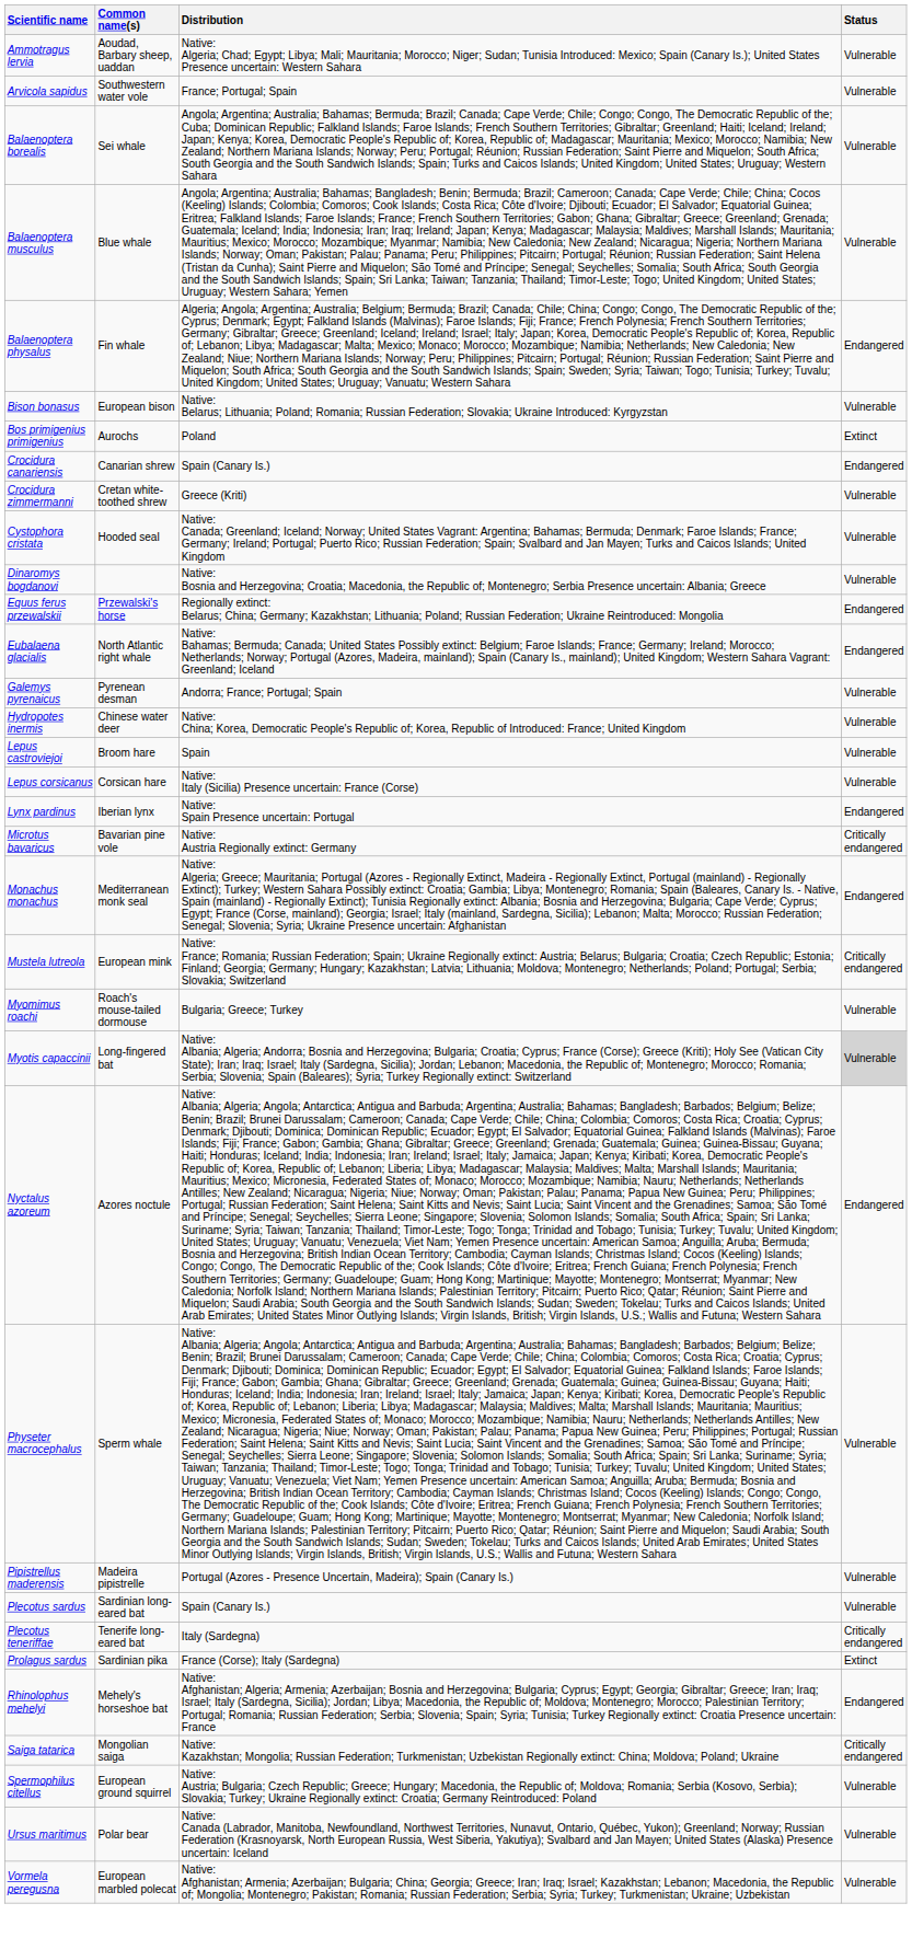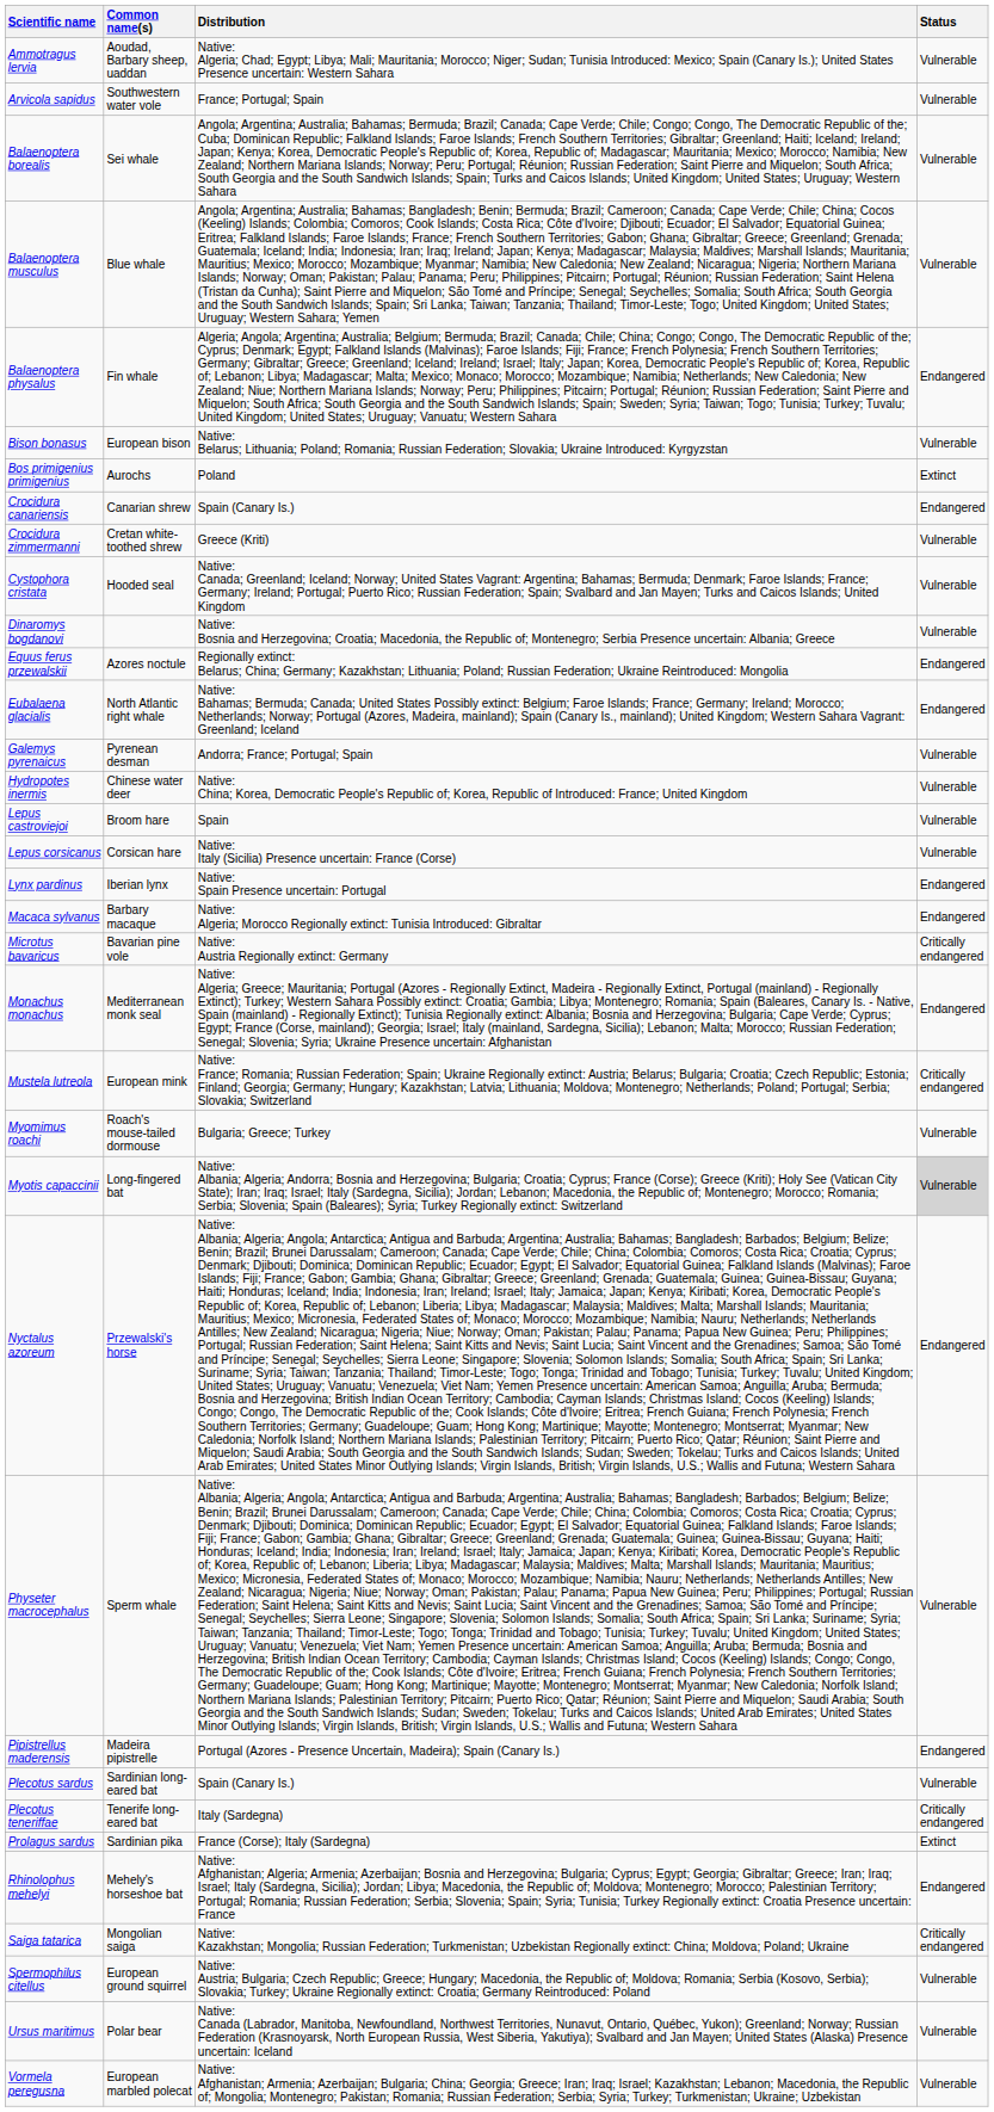 <table class="wikitable sortable" style="font-size: 95%; text-align: left">
 <tr>
 <th style="text-align: left;" width="120"><a href='#'>Scientific name</a></th>
 <th style="text-align: left;" width="110"><a href='#'>Common name</a>(s)</th>
 <th style="text-align: left;" width="1000">Distribution</th>
 <th style="text-align: left;" width="25">Status</th>
 </tr>
 <tr>
 <td><em><a href='#'>Ammotragus lervia</a></em></td>
 <td>Aoudad, Barbary sheep, uaddan</td>
 <td>Native:<br>Algeria; Chad; Egypt; Libya; Mali; Mauritania; Morocco; Niger; Sudan; Tunisia Introduced: Mexico; Spain (Canary Is.); United States Presence uncertain: Western Sahara</td>
 <td>Vulnerable</td>
 </tr>
 <tr>
 <td><em><a href='#'>Arvicola sapidus</a></em></td>
 <td>Southwestern water vole</td>
 <td>France; Portugal; Spain</td>
 <td>Vulnerable</td>
 </tr>
 <tr>
 <td><em><a href='#'>Balaenoptera borealis</a></em></td>
 <td>Sei whale</td>
 <td>Angola; Argentina; Australia; Bahamas; Bermuda; Brazil; Canada; Cape Verde; Chile; Congo; Congo, The Democratic Republic of the; Cuba; Dominican Republic; Falkland Islands; Faroe Islands; French Southern Territories; Gibraltar; Greenland; Haiti; Iceland; Ireland; Japan; Kenya; Korea, Democratic People's Republic of; Korea, Republic of; Madagascar; Mauritania; Mexico; Morocco; Namibia; New Zealand; Northern Mariana Islands; Norway; Peru; Portugal; Réunion; Russian Federation; Saint Pierre and Miquelon; South Africa; South Georgia and the South Sandwich Islands; Spain; Turks and Caicos Islands; United Kingdom; United States; Uruguay; Western Sahara</td>
 <td>Vulnerable</td>
 </tr>
 <tr>
 <td><em><a href='#'>Balaenoptera musculus</a></em></td>
 <td>Blue whale</td>
 <td>Angola; Argentina; Australia; Bahamas; Bangladesh; Benin; Bermuda; Brazil; Cameroon; Canada; Cape Verde; Chile; China; Cocos (Keeling) Islands; Colombia; Comoros; Cook Islands; Costa Rica; Côte d'Ivoire; Djibouti; Ecuador; El Salvador; Equatorial Guinea; Eritrea; Falkland Islands; Faroe Islands; France; French Southern Territories; Gabon; Ghana; Gibraltar; Greece; Greenland; Grenada; Guatemala; Iceland; India; Indonesia; Iran; Iraq; Ireland; Japan; Kenya; Madagascar; Malaysia; Maldives; Marshall Islands; Mauritania; Mauritius; Mexico; Morocco; Mozambique; Myanmar; Namibia; New Caledonia; New Zealand; Nicaragua; Nigeria; Northern Mariana Islands; Norway; Oman; Pakistan; Palau; Panama; Peru; Philippines; Pitcairn; Portugal; Réunion; Russian Federation; Saint Helena (Tristan da Cunha); Saint Pierre and Miquelon; São Tomé and Príncipe; Senegal; Seychelles; Somalia; South Africa; South Georgia and the South Sandwich Islands; Spain; Sri Lanka; Taiwan; Tanzania; Thailand; Timor-Leste; Togo; United Kingdom; United States; Uruguay; Western Sahara; Yemen</td>
 <td>Vulnerable</td>
 </tr>
 <tr>
 <td><em><a href='#'>Balaenoptera physalus</a></em></td>
 <td>Fin whale</td>
 <td>Algeria; Angola; Argentina; Australia; Belgium; Bermuda; Brazil; Canada; Chile; China; Congo; Congo, The Democratic Republic of the; Cyprus; Denmark; Egypt; Falkland Islands (Malvinas); Faroe Islands; Fiji; France; French Polynesia; French Southern Territories; Germany; Gibraltar; Greece; Greenland; Iceland; Ireland; Israel; Italy; Japan; Korea, Democratic People's Republic of; Korea, Republic of; Lebanon; Libya; Madagascar; Malta; Mexico; Monaco; Morocco; Mozambique; Namibia; Netherlands; New Caledonia; New Zealand; Niue; Northern Mariana Islands; Norway; Peru; Philippines; Pitcairn; Portugal; Réunion; Russian Federation; Saint Pierre and Miquelon; South Africa; South Georgia and the South Sandwich Islands; Spain; Sweden; Syria; Taiwan; Togo; Tunisia; Turkey; Tuvalu; United Kingdom; United States; Uruguay; Vanuatu; Western Sahara</td>
 <td>Endangered</td>
 </tr>
 <tr>
 <td><em><a href='#'>Bison bonasus</a></em></td>
 <td>European bison</td>
 <td>Native:<br>Belarus; Lithuania; Poland; Romania; Russian Federation; Slovakia; Ukraine Introduced: Kyrgyzstan</td>
 <td>Vulnerable</td>
 </tr>
 <tr>
 <td><em><a href='#'>Bos primigenius primigenius</a></em></td>
 <td>Aurochs</td>
 <td>Poland</td>
 <td>Extinct</td>
 </tr>
 <tr>
 <td><em><a href='#'>Crocidura canariensis</a></em></td>
 <td>Canarian shrew</td>
 <td>Spain (Canary Is.)</td>
 <td>Endangered</td>
 </tr>
 <tr>
 <td><em><a href='#'>Crocidura zimmermanni</a></em></td>
 <td>Cretan white-toothed shrew</td>
 <td>Greece (Kriti)</td>
 <td>Vulnerable</td>
 </tr>
 <tr>
 <td><em><a href='#'>Cystophora cristata</a></em></td>
 <td>Hooded seal</td>
 <td>Native:<br>Canada; Greenland; Iceland; Norway; United States Vagrant: Argentina; Bahamas; Bermuda; Denmark; Faroe Islands; France; Germany; Ireland; Portugal; Puerto Rico; Russian Federation; Spain; Svalbard and Jan Mayen; Turks and Caicos Islands; United Kingdom</td>
 <td>Vulnerable</td>
 </tr>
 <tr>
 <td><em><a href='#'>Dinaromys bogdanovi</a></em></td>
 <td></td>
 <td>Native:<br>Bosnia and Herzegovina; Croatia; Macedonia, the Republic of; Montenegro; Serbia Presence uncertain: Albania; Greece</td>
 <td>Vulnerable</td>
 </tr>
 <tr>
 <td><em><a href='#'>Equus ferus przewalskii</a></em></td>
-<td><a href='#'>Przewalski's horse</a></td>
+<td>Azores noctule</td>
 <td>Regionally extinct:<br>Belarus; China; Germany; Kazakhstan; Lithuania; Poland; Russian Federation; Ukraine Reintroduced: Mongolia</td>
 <td>Endangered</td>
 </tr>
 <tr>
 <td><em><a href='#'>Eubalaena glacialis</a></em></td>
 <td>North Atlantic right whale</td>
 <td>Native:<br>Bahamas; Bermuda; Canada; United States Possibly extinct: Belgium; Faroe Islands; France; Germany; Ireland; Morocco; Netherlands; Norway; Portugal (Azores, Madeira, mainland); Spain (Canary Is., mainland); United Kingdom; Western Sahara Vagrant: Greenland; Iceland</td>
 <td>Endangered</td>
 </tr>
 <tr>
 <td><em><a href='#'>Galemys pyrenaicus</a></em></td>
 <td>Pyrenean desman</td>
 <td>Andorra; France; Portugal; Spain</td>
 <td>Vulnerable</td>
 </tr>
 <tr>
 <td><em><a href='#'>Hydropotes inermis</a></em></td>
 <td>Chinese water deer</td>
 <td>Native:<br>China; Korea, Democratic People's Republic of; Korea, Republic of Introduced: France; United Kingdom</td>
 <td>Vulnerable</td>
 </tr>
 <tr>
 <td><em><a href='#'>Lepus castroviejoi</a></em></td>
 <td>Broom hare</td>
 <td>Spain</td>
 <td>Vulnerable</td>
 </tr>
 <tr>
 <td><em><a href='#'>Lepus corsicanus</a></em></td>
 <td>Corsican hare</td>
 <td>Native:<br>Italy (Sicilia) Presence uncertain: France (Corse)</td>
 <td>Vulnerable</td>
 </tr>
 <tr>
 <td><em><a href='#'>Lynx pardinus</a></em></td>
 <td>Iberian lynx</td>
 <td>Native:<br>Spain Presence uncertain: Portugal</td>
 <td>Endangered</td>
 </tr>
 <tr>
+<td><em><a href='#'>Macaca sylvanus</a></em></td>
+<td>Barbary macaque</td>
+<td>Native:<br>Algeria; Morocco Regionally extinct: Tunisia Introduced: Gibraltar</td>
+<td>Endangered</td>
+</tr>
+<tr>
 <td><em><a href='#'>Microtus bavaricus</a></em></td>
 <td>Bavarian pine vole</td>
 <td>Native:<br>Austria Regionally extinct: Germany</td>
 <td>Critically endangered</td>
 </tr>
 <tr>
 <td><em><a href='#'>Monachus monachus</a></em></td>
 <td>Mediterranean monk seal</td>
 <td>Native:<br>Algeria; Greece; Mauritania; Portugal (Azores - Regionally Extinct, Madeira - Regionally Extinct, Portugal (mainland) - Regionally Extinct); Turkey; Western Sahara Possibly extinct: Croatia; Gambia; Libya; Montenegro; Romania; Spain (Baleares, Canary Is. - Native, Spain (mainland) - Regionally Extinct); Tunisia Regionally extinct: Albania; Bosnia and Herzegovina; Bulgaria; Cape Verde; Cyprus; Egypt; France (Corse, mainland); Georgia; Israel; Italy (mainland, Sardegna, Sicilia); Lebanon; Malta; Morocco; Russian Federation; Senegal; Slovenia; Syria; Ukraine Presence uncertain: Afghanistan</td>
 <td>Endangered</td>
 </tr>
 <tr>
 <td><em><a href='#'>Mustela lutreola</a></em></td>
 <td>European mink</td>
 <td>Native:<br>France; Romania; Russian Federation; Spain; Ukraine Regionally extinct: Austria; Belarus; Bulgaria; Croatia; Czech Republic; Estonia; Finland; Georgia; Germany; Hungary; Kazakhstan; Latvia; Lithuania; Moldova; Montenegro; Netherlands; Poland; Portugal; Serbia; Slovakia; Switzerland</td>
 <td>Critically endangered</td>
 </tr>
 <tr>
 <td><em><a href='#'>Myomimus roachi</a></em></td>
 <td>Roach's mouse-tailed dormouse</td>
 <td>Bulgaria; Greece; Turkey</td>
 <td>Vulnerable</td>
 </tr>
 <tr>
 <td><em><a href='#'>Myotis capaccinii</a></em></td>
 <td>Long-fingered bat</td>
 <td>Native:<br>Albania; Algeria; Andorra; Bosnia and Herzegovina; Bulgaria; Croatia; Cyprus; France (Corse); Greece (Kriti); Holy See (Vatican City State); Iran; Iraq; Israel; Italy (Sardegna, Sicilia); Jordan; Lebanon; Macedonia, the Republic of; Montenegro; Morocco; Romania; Serbia; Slovenia; Spain (Baleares); Syria; Turkey Regionally extinct: Switzerland</td>
 <td style="background: lightgrey;">Vulnerable</td>
 </tr>
 <tr>
 <td><em><a href='#'>Nyctalus azoreum</a></em></td>
-<td>Azores noctule</td>
+<td><a href='#'>Przewalski's horse</a></td>
 <td>Native:<br>Albania; Algeria; Angola; Antarctica; Antigua and Barbuda; Argentina; Australia; Bahamas; Bangladesh; Barbados; Belgium; Belize; Benin; Brazil; Brunei Darussalam; Cameroon; Canada; Cape Verde; Chile; China; Colombia; Comoros; Costa Rica; Croatia; Cyprus; Denmark; Djibouti; Dominica; Dominican Republic; Ecuador; Egypt; El Salvador; Equatorial Guinea; Falkland Islands (Malvinas); Faroe Islands; Fiji; France; Gabon; Gambia; Ghana; Gibraltar; Greece; Greenland; Grenada; Guatemala; Guinea; Guinea-Bissau; Guyana; Haiti; Honduras; Iceland; India; Indonesia; Iran; Ireland; Israel; Italy; Jamaica; Japan; Kenya; Kiribati; Korea, Democratic People's Republic of; Korea, Republic of; Lebanon; Liberia; Libya; Madagascar; Malaysia; Maldives; Malta; Marshall Islands; Mauritania; Mauritius; Mexico; Micronesia, Federated States of; Monaco; Morocco; Mozambique; Namibia; Nauru; Netherlands; Netherlands Antilles; New Zealand; Nicaragua; Nigeria; Niue; Norway; Oman; Pakistan; Palau; Panama; Papua New Guinea; Peru; Philippines; Portugal; Russian Federation; Saint Helena; Saint Kitts and Nevis; Saint Lucia; Saint Vincent and the Grenadines; Samoa; São Tomé and Príncipe; Senegal; Seychelles; Sierra Leone; Singapore; Slovenia; Solomon Islands; Somalia; South Africa; Spain; Sri Lanka; Suriname; Syria; Taiwan; Tanzania; Thailand; Timor-Leste; Togo; Tonga; Trinidad and Tobago; Tunisia; Turkey; Tuvalu; United Kingdom; United States; Uruguay; Vanuatu; Venezuela; Viet Nam; Yemen Presence uncertain: American Samoa; Anguilla; Aruba; Bermuda; Bosnia and Herzegovina; British Indian Ocean Territory; Cambodia; Cayman Islands; Christmas Island; Cocos (Keeling) Islands; Congo; Congo, The Democratic Republic of the; Cook Islands; Côte d'Ivoire; Eritrea; French Guiana; French Polynesia; French Southern Territories; Germany; Guadeloupe; Guam; Hong Kong; Martinique; Mayotte; Montenegro; Montserrat; Myanmar; New Caledonia; Norfolk Island; Northern Mariana Islands; Palestinian Territory; Pitcairn; Puerto Rico; Qatar; Réunion; Saint Pierre and Miquelon; Saudi Arabia; South Georgia and the South Sandwich Islands; Sudan; Sweden; Tokelau; Turks and Caicos Islands; United Arab Emirates; United States Minor Outlying Islands; Virgin Islands, British; Virgin Islands, U.S.; Wallis and Futuna; Western Sahara</td>
 <td>Endangered</td>
 </tr>
 <tr>
 <td><em><a href='#'>Physeter macrocephalus</a></em></td>
 <td>Sperm whale</td>
 <td>Native:<br>Albania; Algeria; Angola; Antarctica; Antigua and Barbuda; Argentina; Australia; Bahamas; Bangladesh; Barbados; Belgium; Belize; Benin; Brazil; Brunei Darussalam; Cameroon; Canada; Cape Verde; Chile; China; Colombia; Comoros; Costa Rica; Croatia; Cyprus; Denmark; Djibouti; Dominica; Dominican Republic; Ecuador; Egypt; El Salvador; Equatorial Guinea; Falkland Islands; Faroe Islands; Fiji; France; Gabon; Gambia; Ghana; Gibraltar; Greece; Greenland; Grenada; Guatemala; Guinea; Guinea-Bissau; Guyana; Haiti; Honduras; Iceland; India; Indonesia; Iran; Ireland; Israel; Italy; Jamaica; Japan; Kenya; Kiribati; Korea, Democratic People's Republic of; Korea, Republic of; Lebanon; Liberia; Libya; Madagascar; Malaysia; Maldives; Malta; Marshall Islands; Mauritania; Mauritius; Mexico; Micronesia, Federated States of; Monaco; Morocco; Mozambique; Namibia; Nauru; Netherlands; Netherlands Antilles; New Zealand; Nicaragua; Nigeria; Niue; Norway; Oman; Pakistan; Palau; Panama; Papua New Guinea; Peru; Philippines; Portugal; Russian Federation; Saint Helena; Saint Kitts and Nevis; Saint Lucia; Saint Vincent and the Grenadines; Samoa; São Tomé and Príncipe; Senegal; Seychelles; Sierra Leone; Singapore; Slovenia; Solomon Islands; Somalia; South Africa; Spain; Sri Lanka; Suriname; Syria; Taiwan; Tanzania; Thailand; Timor-Leste; Togo; Tonga; Trinidad and Tobago; Tunisia; Turkey; Tuvalu; United Kingdom; United States; Uruguay; Vanuatu; Venezuela; Viet Nam; Yemen Presence uncertain: American Samoa; Anguilla; Aruba; Bermuda; Bosnia and Herzegovina; British Indian Ocean Territory; Cambodia; Cayman Islands; Christmas Island; Cocos (Keeling) Islands; Congo; Congo, The Democratic Republic of the; Cook Islands; Côte d'Ivoire; Eritrea; French Guiana; French Polynesia; French Southern Territories; Germany; Guadeloupe; Guam; Hong Kong; Martinique; Mayotte; Montenegro; Montserrat; Myanmar; New Caledonia; Norfolk Island; Northern Mariana Islands; Palestinian Territory; Pitcairn; Puerto Rico; Qatar; Réunion; Saint Pierre and Miquelon; Saudi Arabia; South Georgia and the South Sandwich Islands; Sudan; Sweden; Tokelau; Turks and Caicos Islands; United Arab Emirates; United States Minor Outlying Islands; Virgin Islands, British; Virgin Islands, U.S.; Wallis and Futuna; Western Sahara</td>
 <td>Vulnerable</td>
 </tr>
 <tr>
 <td><em><a href='#'>Pipistrellus maderensis</a></em></td>
 <td>Madeira pipistrelle</td>
 <td>Portugal (Azores - Presence Uncertain, Madeira); Spain (Canary Is.)</td>
-<td>Vulnerable</td>
+<td>Endangered</td>
 </tr>
 <tr>
 <td><em><a href='#'>Plecotus sardus</a></em></td>
 <td>Sardinian long-eared bat</td>
 <td>Spain (Canary Is.)</td>
 <td>Vulnerable</td>
 </tr>
 <tr>
 <td><em><a href='#'>Plecotus teneriffae</a></em></td>
 <td>Tenerife long-eared bat</td>
 <td>Italy (Sardegna)</td>
 <td>Critically endangered</td>
 </tr>
 <tr>
 <td><em><a href='#'>Prolagus sardus</a></em></td>
 <td>Sardinian pika</td>
 <td>France (Corse); Italy (Sardegna)</td>
 <td>Extinct</td>
 </tr>
 <tr>
 <td><em><a href='#'>Rhinolophus mehelyi</a></em></td>
 <td>Mehely's horseshoe bat</td>
 <td>Native:<br>Afghanistan; Algeria; Armenia; Azerbaijan; Bosnia and Herzegovina; Bulgaria; Cyprus; Egypt; Georgia; Gibraltar; Greece; Iran; Iraq; Israel; Italy (Sardegna, Sicilia); Jordan; Libya; Macedonia, the Republic of; Moldova; Montenegro; Morocco; Palestinian Territory; Portugal; Romania; Russian Federation; Serbia; Slovenia; Spain; Syria; Tunisia; Turkey Regionally extinct: Croatia Presence uncertain: France</td>
 <td>Endangered</td>
 </tr>
 <tr>
 <td><em><a href='#'>Saiga tatarica</a></em></td>
 <td>Mongolian saiga</td>
 <td>Native:<br>Kazakhstan; Mongolia; Russian Federation; Turkmenistan; Uzbekistan Regionally extinct: China; Moldova; Poland; Ukraine</td>
 <td>Critically endangered</td>
 </tr>
 <tr>
 <td><em><a href='#'>Spermophilus citellus</a></em></td>
 <td>European ground squirrel</td>
 <td>Native:<br>Austria; Bulgaria; Czech Republic; Greece; Hungary; Macedonia, the Republic of; Moldova; Romania; Serbia (Kosovo, Serbia); Slovakia; Turkey; Ukraine Regionally extinct: Croatia; Germany Reintroduced: Poland</td>
 <td>Vulnerable</td>
 </tr>
 <tr>
 <td><em><a href='#'>Ursus maritimus</a></em></td>
 <td>Polar bear</td>
 <td>Native:<br>Canada (Labrador, Manitoba, Newfoundland, Northwest Territories, Nunavut, Ontario, Québec, Yukon); Greenland; Norway; Russian Federation (Krasnoyarsk, North European Russia, West Siberia, Yakutiya); Svalbard and Jan Mayen; United States (Alaska) Presence uncertain: Iceland</td>
 <td>Vulnerable</td>
 </tr>
 <tr>
 <td><em><a href='#'>Vormela peregusna</a></em></td>
 <td>European marbled polecat</td>
 <td>Native:<br>Afghanistan; Armenia; Azerbaijan; Bulgaria; China; Georgia; Greece; Iran; Iraq; Israel; Kazakhstan; Lebanon; Macedonia, the Republic of; Mongolia; Montenegro; Pakistan; Romania; Russian Federation; Serbia; Syria; Turkey; Turkmenistan; Ukraine; Uzbekistan</td>
 <td>Vulnerable</td>
 </tr>
 </table>
